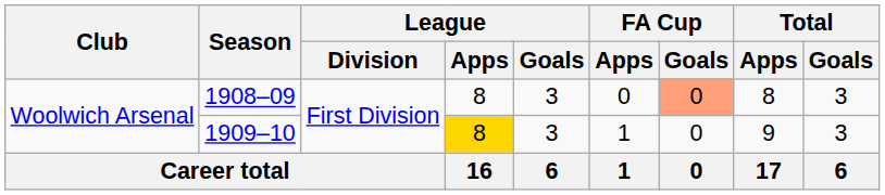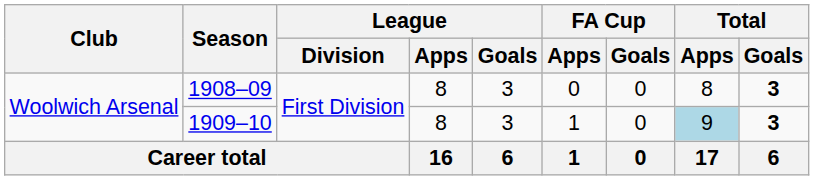 <table class="wikitable" style="text-align: center;">
 <tr>
 <th rowspan="2">Club</th>
 <th rowspan="2">Season</th>
 <th colspan="3">League</th>
 <th colspan="2">FA Cup</th>
 <th colspan="2">Total</th>
 </tr>
 <tr>
 <th>Division</th>
 <th>Apps</th>
 <th>Goals</th>
 <th>Apps</th>
 <th>Goals</th>
 <th>Apps</th>
 <th>Goals</th>
 </tr>
 <tr>
 <td rowspan="2"><a href='#'>Woolwich Arsenal</a></td>
 <td><a href='#'>1908–09</a></td>
 <td rowspan="2"><a href='#'>First Division</a></td>
 <td>8</td>
 <td>3</td>
 <td>0</td>
-<td style="background: lightsalmon;">0</td>
+<td>0</td>
 <td>8</td>
-<td>3</td>
+<td><strong>3</strong></td>
 </tr>
 <tr>
 <td><a href='#'>1909–10</a></td>
-<td style="background: gold;">8</td>
+<td>8</td>
 <td>3</td>
 <td>1</td>
 <td>0</td>
-<td>9</td>
-<td>3</td>
+<td style="background: lightblue;">9</td>
+<td><strong>3</strong></td>
 </tr>
 <tr>
 <th colspan="3">Career total</th>
 <th>16</th>
 <th>6</th>
 <th>1</th>
 <th>0</th>
 <th>17</th>
 <th>6</th>
 </tr>
 </table>
